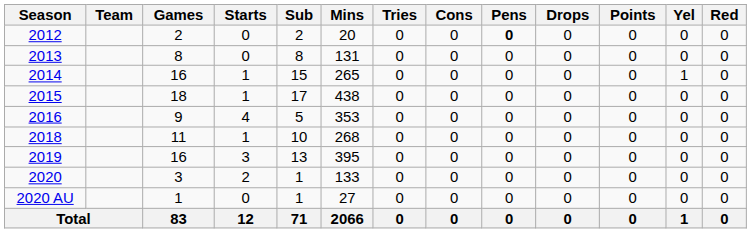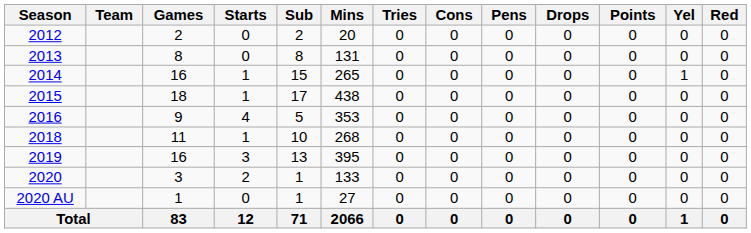 <table class="wikitable" style="text-align:center; line-height:90%; font-size:95%; width:60%;">
 <tr>
 <th>Season</th>
 <th>Team</th>
 <th>Games</th>
 <th>Starts</th>
 <th>Sub</th>
 <th>Mins</th>
 <th>Tries</th>
 <th>Cons</th>
 <th>Pens</th>
 <th>Drops</th>
 <th>Points</th>
 <th>Yel</th>
 <th>Red</th>
 </tr>
 <tr>
 <td><a href='#'>2012</a></td>
 <td></td>
 <td>2</td>
 <td>0</td>
 <td>2</td>
 <td>20</td>
 <td>0</td>
 <td>0</td>
-<td><strong>0</strong></td>
+<td>0</td>
 <td>0</td>
 <td>0</td>
 <td>0</td>
 <td>0</td>
 </tr>
 <tr>
 <td><a href='#'>2013</a></td>
 <td></td>
 <td>8</td>
 <td>0</td>
 <td>8</td>
 <td>131</td>
 <td>0</td>
 <td>0</td>
 <td>0</td>
 <td>0</td>
 <td>0</td>
 <td>0</td>
 <td>0</td>
 </tr>
 <tr>
 <td><a href='#'>2014</a></td>
 <td></td>
 <td>16</td>
 <td>1</td>
 <td>15</td>
 <td>265</td>
 <td>0</td>
 <td>0</td>
 <td>0</td>
 <td>0</td>
 <td>0</td>
 <td>1</td>
 <td>0</td>
 </tr>
 <tr>
 <td><a href='#'>2015</a></td>
 <td></td>
 <td>18</td>
 <td>1</td>
 <td>17</td>
 <td>438</td>
 <td>0</td>
 <td>0</td>
 <td>0</td>
 <td>0</td>
 <td>0</td>
 <td>0</td>
 <td>0</td>
 </tr>
 <tr>
 <td><a href='#'>2016</a></td>
 <td></td>
 <td>9</td>
 <td>4</td>
 <td>5</td>
 <td>353</td>
 <td>0</td>
 <td>0</td>
 <td>0</td>
 <td>0</td>
 <td>0</td>
 <td>0</td>
 <td>0</td>
 </tr>
 <tr>
 <td><a href='#'>2018</a></td>
 <td></td>
 <td>11</td>
 <td>1</td>
 <td>10</td>
 <td>268</td>
 <td>0</td>
 <td>0</td>
 <td>0</td>
 <td>0</td>
 <td>0</td>
 <td>0</td>
 <td>0</td>
 </tr>
 <tr>
 <td><a href='#'>2019</a></td>
 <td></td>
 <td>16</td>
 <td>3</td>
 <td>13</td>
 <td>395</td>
 <td>0</td>
 <td>0</td>
 <td>0</td>
 <td>0</td>
 <td>0</td>
 <td>0</td>
 <td>0</td>
 </tr>
 <tr>
 <td><a href='#'>2020</a></td>
 <td></td>
 <td>3</td>
 <td>2</td>
 <td>1</td>
 <td>133</td>
 <td>0</td>
 <td>0</td>
 <td>0</td>
 <td>0</td>
 <td>0</td>
 <td>0</td>
 <td>0</td>
 </tr>
 <tr>
 <td><a href='#'>2020 AU</a></td>
 <td></td>
 <td>1</td>
 <td>0</td>
 <td>1</td>
 <td>27</td>
 <td>0</td>
 <td>0</td>
 <td>0</td>
 <td>0</td>
 <td>0</td>
 <td>0</td>
 <td>0</td>
 </tr>
 <tr>
 <th colspan="2">Total</th>
 <th>83</th>
 <th>12</th>
 <th>71</th>
 <th>2066</th>
 <th>0</th>
 <th>0</th>
 <th>0</th>
 <th>0</th>
 <th>0</th>
 <th>1</th>
 <th>0</th>
 </tr>
 </table>
